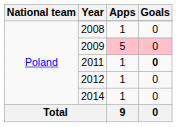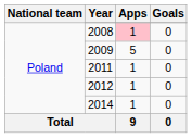 <table class="wikitable" style="text-align:center">
 <tr>
 <th>National team</th>
 <th>Year</th>
 <th>Apps</th>
 <th>Goals</th>
 </tr>
 <tr>
 <td rowspan=6><a href='#'>Poland</a></td>
 </tr>
 <tr>
 <td>2008</td>
-<td>1</td>
+<td style="background: pink;">1</td>
 <td>0</td>
 </tr>
 <tr>
 <td>2009</td>
-<td style="background: pink;">5</td>
-<td style="background: pink;">0</td>
+<td>5</td>
+<td>0</td>
 </tr>
 <tr>
 <td>2011</td>
 <td>1</td>
-<td><strong>0</strong></td>
+<td>0</td>
 </tr>
 <tr>
 <td>2012</td>
 <td>1</td>
 <td>0</td>
 </tr>
 <tr>
 <td>2014</td>
 <td>1</td>
 <td>0</td>
 </tr>
 <tr>
 <th colspan="2">Total</th>
 <th>9</th>
 <th>0</th>
 </tr>
 </table>
